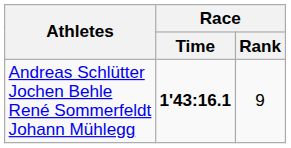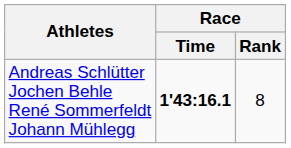 <table class="wikitable" border="1" style="font-size:90%">
 <tr>
 <th rowspan=2>Athletes</th>
 <th colspan=2>Race</th>
 </tr>
 <tr>
 <th>Time</th>
 <th>Rank</th>
 </tr>
 <tr>
 <td><a href='#'>Andreas Schlütter</a><br><a href='#'>Jochen Behle</a><br><a href='#'>René Sommerfeldt</a><br><a href='#'>Johann Mühlegg</a></td>
 <td align=center><strong>1'43:16.1</strong></td>
-<td align=center>9</td>
+<td align=center>8</td>
 </tr>
 </table>
